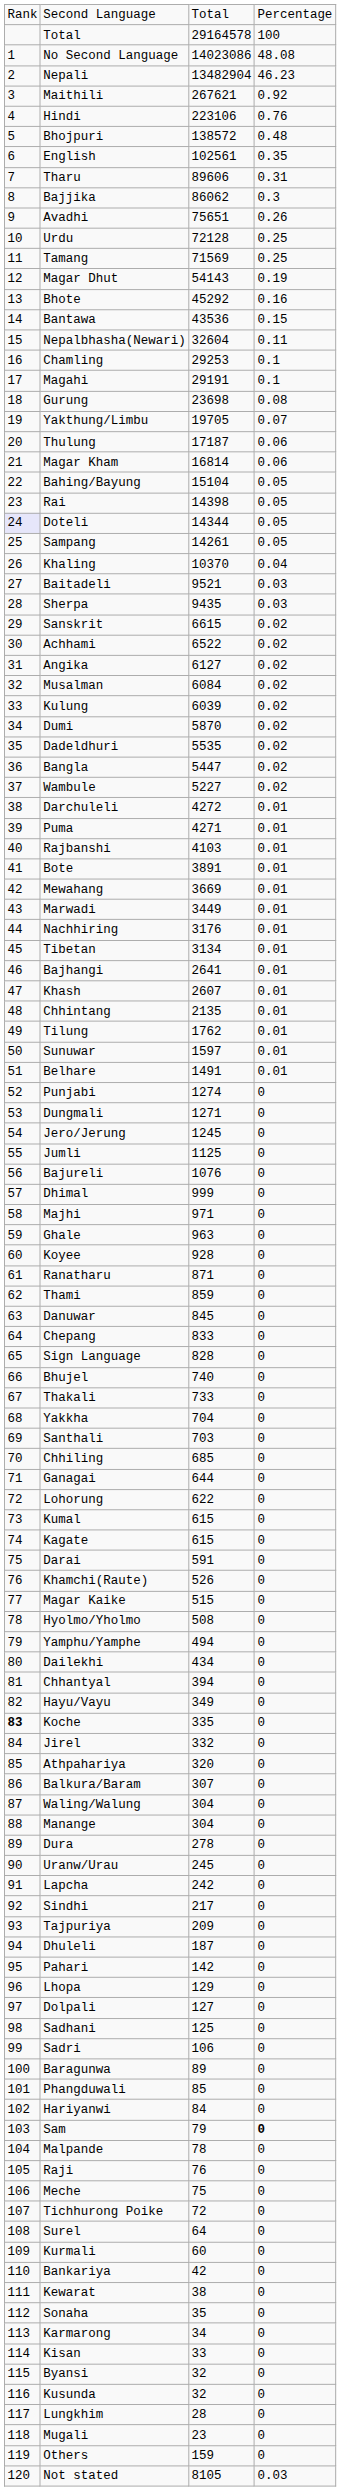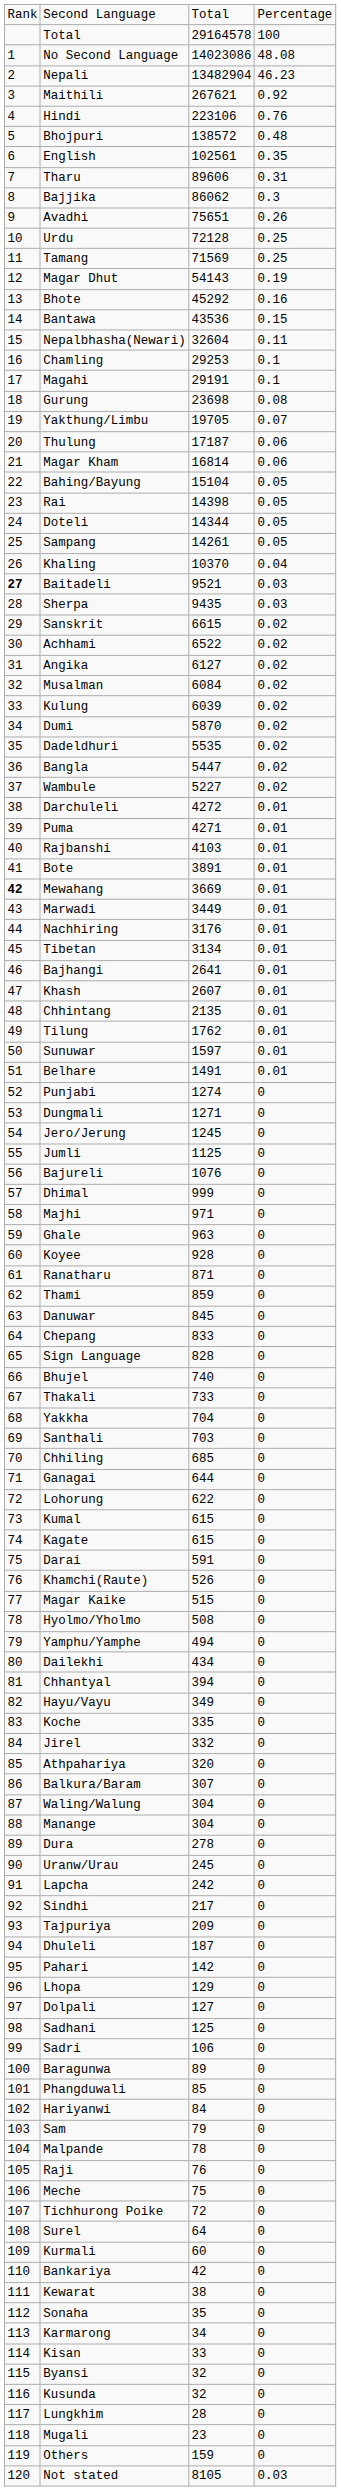 <table class="wikitable">
 <tr>
 <td>Rank</td>
 <td>Second Language</td>
 <td>Total</td>
 <td>Percentage</td>
 </tr>
 <tr>
 <td></td>
 <td>Total</td>
 <td>29164578</td>
 <td>100</td>
 </tr>
 <tr>
 <td>1</td>
 <td>No Second Language</td>
 <td>14023086</td>
 <td>48.08</td>
 </tr>
 <tr>
 <td>2</td>
 <td>Nepali</td>
 <td>13482904</td>
 <td>46.23</td>
 </tr>
 <tr>
 <td>3</td>
 <td>Maithili</td>
 <td>267621</td>
 <td>0.92</td>
 </tr>
 <tr>
 <td>4</td>
 <td>Hindi</td>
 <td>223106</td>
 <td>0.76</td>
 </tr>
 <tr>
 <td>5</td>
 <td>Bhojpuri</td>
 <td>138572</td>
 <td>0.48</td>
 </tr>
 <tr>
 <td>6</td>
 <td>English</td>
 <td>102561</td>
 <td>0.35</td>
 </tr>
 <tr>
 <td>7</td>
 <td>Tharu</td>
 <td>89606</td>
 <td>0.31</td>
 </tr>
 <tr>
 <td>8</td>
 <td>Bajjika</td>
 <td>86062</td>
 <td>0.3</td>
 </tr>
 <tr>
 <td>9</td>
 <td>Avadhi</td>
 <td>75651</td>
 <td>0.26</td>
 </tr>
 <tr>
 <td>10</td>
 <td>Urdu</td>
 <td>72128</td>
 <td>0.25</td>
 </tr>
 <tr>
 <td>11</td>
 <td>Tamang</td>
 <td>71569</td>
 <td>0.25</td>
 </tr>
 <tr>
 <td>12</td>
 <td>Magar Dhut</td>
 <td>54143</td>
 <td>0.19</td>
 </tr>
 <tr>
 <td>13</td>
 <td>Bhote</td>
 <td>45292</td>
 <td>0.16</td>
 </tr>
 <tr>
 <td>14</td>
 <td>Bantawa</td>
 <td>43536</td>
 <td>0.15</td>
 </tr>
 <tr>
 <td>15</td>
 <td>Nepalbhasha(Newari)</td>
 <td>32604</td>
 <td>0.11</td>
 </tr>
 <tr>
 <td>16</td>
 <td>Chamling</td>
 <td>29253</td>
 <td>0.1</td>
 </tr>
 <tr>
 <td>17</td>
 <td>Magahi</td>
 <td>29191</td>
 <td>0.1</td>
 </tr>
 <tr>
 <td>18</td>
 <td>Gurung</td>
 <td>23698</td>
 <td>0.08</td>
 </tr>
 <tr>
 <td>19</td>
 <td>Yakthung/Limbu</td>
 <td>19705</td>
 <td>0.07</td>
 </tr>
 <tr>
 <td>20</td>
 <td>Thulung</td>
 <td>17187</td>
 <td>0.06</td>
 </tr>
 <tr>
 <td>21</td>
 <td>Magar Kham</td>
 <td>16814</td>
 <td>0.06</td>
 </tr>
 <tr>
 <td>22</td>
 <td>Bahing/Bayung</td>
 <td>15104</td>
 <td>0.05</td>
 </tr>
 <tr>
 <td>23</td>
 <td>Rai</td>
 <td>14398</td>
 <td>0.05</td>
 </tr>
 <tr>
-<td style="background: lavender;">24</td>
+<td>24</td>
 <td>Doteli</td>
 <td>14344</td>
 <td>0.05</td>
 </tr>
 <tr>
 <td>25</td>
 <td>Sampang</td>
 <td>14261</td>
 <td>0.05</td>
 </tr>
 <tr>
 <td>26</td>
 <td>Khaling</td>
 <td>10370</td>
 <td>0.04</td>
 </tr>
 <tr>
-<td>27</td>
+<td><strong>27</strong></td>
 <td>Baitadeli</td>
 <td>9521</td>
 <td>0.03</td>
 </tr>
 <tr>
 <td>28</td>
 <td>Sherpa</td>
 <td>9435</td>
 <td>0.03</td>
 </tr>
 <tr>
 <td>29</td>
 <td>Sanskrit</td>
 <td>6615</td>
 <td>0.02</td>
 </tr>
 <tr>
 <td>30</td>
 <td>Achhami</td>
 <td>6522</td>
 <td>0.02</td>
 </tr>
 <tr>
 <td>31</td>
 <td>Angika</td>
 <td>6127</td>
 <td>0.02</td>
 </tr>
 <tr>
 <td>32</td>
 <td>Musalman</td>
 <td>6084</td>
 <td>0.02</td>
 </tr>
 <tr>
 <td>33</td>
 <td>Kulung</td>
 <td>6039</td>
 <td>0.02</td>
 </tr>
 <tr>
 <td>34</td>
 <td>Dumi</td>
 <td>5870</td>
 <td>0.02</td>
 </tr>
 <tr>
 <td>35</td>
 <td>Dadeldhuri</td>
 <td>5535</td>
 <td>0.02</td>
 </tr>
 <tr>
 <td>36</td>
 <td>Bangla</td>
 <td>5447</td>
 <td>0.02</td>
 </tr>
 <tr>
 <td>37</td>
 <td>Wambule</td>
 <td>5227</td>
 <td>0.02</td>
 </tr>
 <tr>
 <td>38</td>
 <td>Darchuleli</td>
 <td>4272</td>
 <td>0.01</td>
 </tr>
 <tr>
 <td>39</td>
 <td>Puma</td>
 <td>4271</td>
 <td>0.01</td>
 </tr>
 <tr>
 <td>40</td>
 <td>Rajbanshi</td>
 <td>4103</td>
 <td>0.01</td>
 </tr>
 <tr>
 <td>41</td>
 <td>Bote</td>
 <td>3891</td>
 <td>0.01</td>
 </tr>
 <tr>
-<td>42</td>
+<td><strong>42</strong></td>
 <td>Mewahang</td>
 <td>3669</td>
 <td>0.01</td>
 </tr>
 <tr>
 <td>43</td>
 <td>Marwadi</td>
 <td>3449</td>
 <td>0.01</td>
 </tr>
 <tr>
 <td>44</td>
 <td>Nachhiring</td>
 <td>3176</td>
 <td>0.01</td>
 </tr>
 <tr>
 <td>45</td>
 <td>Tibetan</td>
 <td>3134</td>
 <td>0.01</td>
 </tr>
 <tr>
 <td>46</td>
 <td>Bajhangi</td>
 <td>2641</td>
 <td>0.01</td>
 </tr>
 <tr>
 <td>47</td>
 <td>Khash</td>
 <td>2607</td>
 <td>0.01</td>
 </tr>
 <tr>
 <td>48</td>
 <td>Chhintang</td>
 <td>2135</td>
 <td>0.01</td>
 </tr>
 <tr>
 <td>49</td>
 <td>Tilung</td>
 <td>1762</td>
 <td>0.01</td>
 </tr>
 <tr>
 <td>50</td>
 <td>Sunuwar</td>
 <td>1597</td>
 <td>0.01</td>
 </tr>
 <tr>
 <td>51</td>
 <td>Belhare</td>
 <td>1491</td>
 <td>0.01</td>
 </tr>
 <tr>
 <td>52</td>
 <td>Punjabi</td>
 <td>1274</td>
 <td>0</td>
 </tr>
 <tr>
 <td>53</td>
 <td>Dungmali</td>
 <td>1271</td>
 <td>0</td>
 </tr>
 <tr>
 <td>54</td>
 <td>Jero/Jerung</td>
 <td>1245</td>
 <td>0</td>
 </tr>
 <tr>
 <td>55</td>
 <td>Jumli</td>
 <td>1125</td>
 <td>0</td>
 </tr>
 <tr>
 <td>56</td>
 <td>Bajureli</td>
 <td>1076</td>
 <td>0</td>
 </tr>
 <tr>
 <td>57</td>
 <td>Dhimal</td>
 <td>999</td>
 <td>0</td>
 </tr>
 <tr>
 <td>58</td>
 <td>Majhi</td>
 <td>971</td>
 <td>0</td>
 </tr>
 <tr>
 <td>59</td>
 <td>Ghale</td>
 <td>963</td>
 <td>0</td>
 </tr>
 <tr>
 <td>60</td>
 <td>Koyee</td>
 <td>928</td>
 <td>0</td>
 </tr>
 <tr>
 <td>61</td>
 <td>Ranatharu</td>
 <td>871</td>
 <td>0</td>
 </tr>
 <tr>
 <td>62</td>
 <td>Thami</td>
 <td>859</td>
 <td>0</td>
 </tr>
 <tr>
 <td>63</td>
 <td>Danuwar</td>
 <td>845</td>
 <td>0</td>
 </tr>
 <tr>
 <td>64</td>
 <td>Chepang</td>
 <td>833</td>
 <td>0</td>
 </tr>
 <tr>
 <td>65</td>
 <td>Sign Language</td>
 <td>828</td>
 <td>0</td>
 </tr>
 <tr>
 <td>66</td>
 <td>Bhujel</td>
 <td>740</td>
 <td>0</td>
 </tr>
 <tr>
 <td>67</td>
 <td>Thakali</td>
 <td>733</td>
 <td>0</td>
 </tr>
 <tr>
 <td>68</td>
 <td>Yakkha</td>
 <td>704</td>
 <td>0</td>
 </tr>
 <tr>
 <td>69</td>
 <td>Santhali</td>
 <td>703</td>
 <td>0</td>
 </tr>
 <tr>
 <td>70</td>
 <td>Chhiling</td>
 <td>685</td>
 <td>0</td>
 </tr>
 <tr>
 <td>71</td>
 <td>Ganagai</td>
 <td>644</td>
 <td>0</td>
 </tr>
 <tr>
 <td>72</td>
 <td>Lohorung</td>
 <td>622</td>
 <td>0</td>
 </tr>
 <tr>
 <td>73</td>
 <td>Kumal</td>
 <td>615</td>
 <td>0</td>
 </tr>
 <tr>
 <td>74</td>
 <td>Kagate</td>
 <td>615</td>
 <td>0</td>
 </tr>
 <tr>
 <td>75</td>
 <td>Darai</td>
 <td>591</td>
 <td>0</td>
 </tr>
 <tr>
 <td>76</td>
 <td>Khamchi(Raute)</td>
 <td>526</td>
 <td>0</td>
 </tr>
 <tr>
 <td>77</td>
 <td>Magar Kaike</td>
 <td>515</td>
 <td>0</td>
 </tr>
 <tr>
 <td>78</td>
 <td>Hyolmo/Yholmo</td>
 <td>508</td>
 <td>0</td>
 </tr>
 <tr>
 <td>79</td>
 <td>Yamphu/Yamphe</td>
 <td>494</td>
 <td>0</td>
 </tr>
 <tr>
 <td>80</td>
 <td>Dailekhi</td>
 <td>434</td>
 <td>0</td>
 </tr>
 <tr>
 <td>81</td>
 <td>Chhantyal</td>
 <td>394</td>
 <td>0</td>
 </tr>
 <tr>
 <td>82</td>
 <td>Hayu/Vayu</td>
 <td>349</td>
 <td>0</td>
 </tr>
 <tr>
-<td><strong>83</strong></td>
+<td>83</td>
 <td>Koche</td>
 <td>335</td>
 <td>0</td>
 </tr>
 <tr>
 <td>84</td>
 <td>Jirel</td>
 <td>332</td>
 <td>0</td>
 </tr>
 <tr>
 <td>85</td>
 <td>Athpahariya</td>
 <td>320</td>
 <td>0</td>
 </tr>
 <tr>
 <td>86</td>
 <td>Balkura/Baram</td>
 <td>307</td>
 <td>0</td>
 </tr>
 <tr>
 <td>87</td>
 <td>Waling/Walung</td>
 <td>304</td>
 <td>0</td>
 </tr>
 <tr>
 <td>88</td>
 <td>Manange</td>
 <td>304</td>
 <td>0</td>
 </tr>
 <tr>
 <td>89</td>
 <td>Dura</td>
 <td>278</td>
 <td>0</td>
 </tr>
 <tr>
 <td>90</td>
 <td>Uranw/Urau</td>
 <td>245</td>
 <td>0</td>
 </tr>
 <tr>
 <td>91</td>
 <td>Lapcha</td>
 <td>242</td>
 <td>0</td>
 </tr>
 <tr>
 <td>92</td>
 <td>Sindhi</td>
 <td>217</td>
 <td>0</td>
 </tr>
 <tr>
 <td>93</td>
 <td>Tajpuriya</td>
 <td>209</td>
 <td>0</td>
 </tr>
 <tr>
 <td>94</td>
 <td>Dhuleli</td>
 <td>187</td>
 <td>0</td>
 </tr>
 <tr>
 <td>95</td>
 <td>Pahari</td>
 <td>142</td>
 <td>0</td>
 </tr>
 <tr>
 <td>96</td>
 <td>Lhopa</td>
 <td>129</td>
 <td>0</td>
 </tr>
 <tr>
 <td>97</td>
 <td>Dolpali</td>
 <td>127</td>
 <td>0</td>
 </tr>
 <tr>
 <td>98</td>
 <td>Sadhani</td>
 <td>125</td>
 <td>0</td>
 </tr>
 <tr>
 <td>99</td>
 <td>Sadri</td>
 <td>106</td>
 <td>0</td>
 </tr>
 <tr>
 <td>100</td>
 <td>Baragunwa</td>
 <td>89</td>
 <td>0</td>
 </tr>
 <tr>
 <td>101</td>
 <td>Phangduwali</td>
 <td>85</td>
 <td>0</td>
 </tr>
 <tr>
 <td>102</td>
 <td>Hariyanwi</td>
 <td>84</td>
 <td>0</td>
 </tr>
 <tr>
 <td>103</td>
 <td>Sam</td>
 <td>79</td>
-<td><strong>0</strong></td>
+<td>0</td>
 </tr>
 <tr>
 <td>104</td>
 <td>Malpande</td>
 <td>78</td>
 <td>0</td>
 </tr>
 <tr>
 <td>105</td>
 <td>Raji</td>
 <td>76</td>
 <td>0</td>
 </tr>
 <tr>
 <td>106</td>
 <td>Meche</td>
 <td>75</td>
 <td>0</td>
 </tr>
 <tr>
 <td>107</td>
 <td>Tichhurong Poike</td>
 <td>72</td>
 <td>0</td>
 </tr>
 <tr>
 <td>108</td>
 <td>Surel</td>
 <td>64</td>
 <td>0</td>
 </tr>
 <tr>
 <td>109</td>
 <td>Kurmali</td>
 <td>60</td>
 <td>0</td>
 </tr>
 <tr>
 <td>110</td>
 <td>Bankariya</td>
 <td>42</td>
 <td>0</td>
 </tr>
 <tr>
 <td>111</td>
 <td>Kewarat</td>
 <td>38</td>
 <td>0</td>
 </tr>
 <tr>
 <td>112</td>
 <td>Sonaha</td>
 <td>35</td>
 <td>0</td>
 </tr>
 <tr>
 <td>113</td>
 <td>Karmarong</td>
 <td>34</td>
 <td>0</td>
 </tr>
 <tr>
 <td>114</td>
 <td>Kisan</td>
 <td>33</td>
 <td>0</td>
 </tr>
 <tr>
 <td>115</td>
 <td>Byansi</td>
 <td>32</td>
 <td>0</td>
 </tr>
 <tr>
 <td>116</td>
 <td>Kusunda</td>
 <td>32</td>
 <td>0</td>
 </tr>
 <tr>
 <td>117</td>
 <td>Lungkhim</td>
 <td>28</td>
 <td>0</td>
 </tr>
 <tr>
 <td>118</td>
 <td>Mugali</td>
 <td>23</td>
 <td>0</td>
 </tr>
 <tr>
 <td>119</td>
 <td>Others</td>
 <td>159</td>
 <td>0</td>
 </tr>
 <tr>
 <td>120</td>
 <td>Not stated</td>
 <td>8105</td>
 <td>0.03</td>
 </tr>
 </table>
